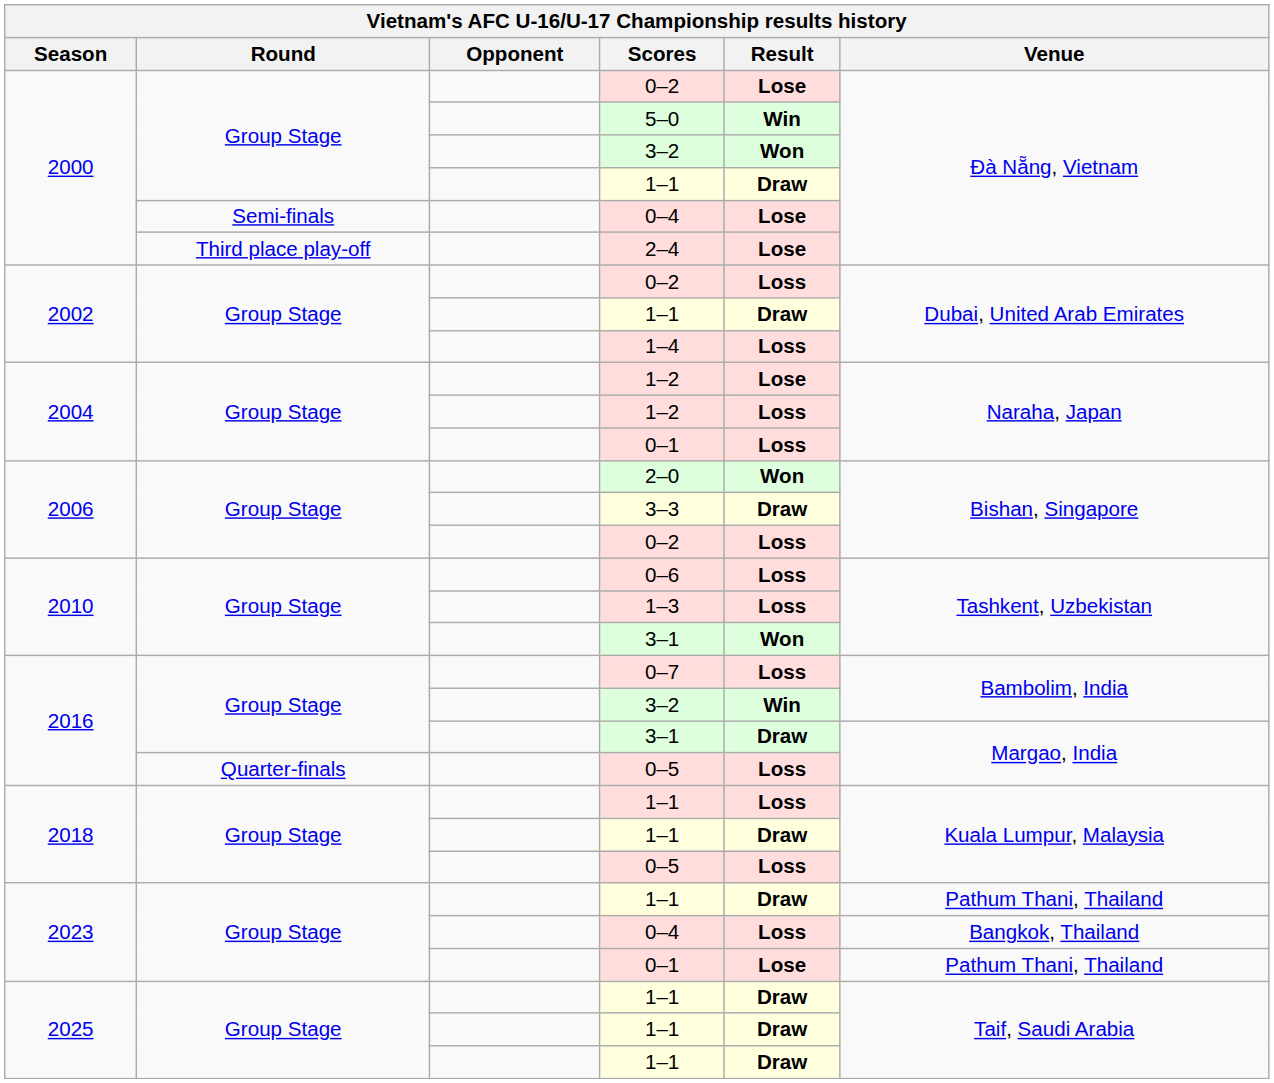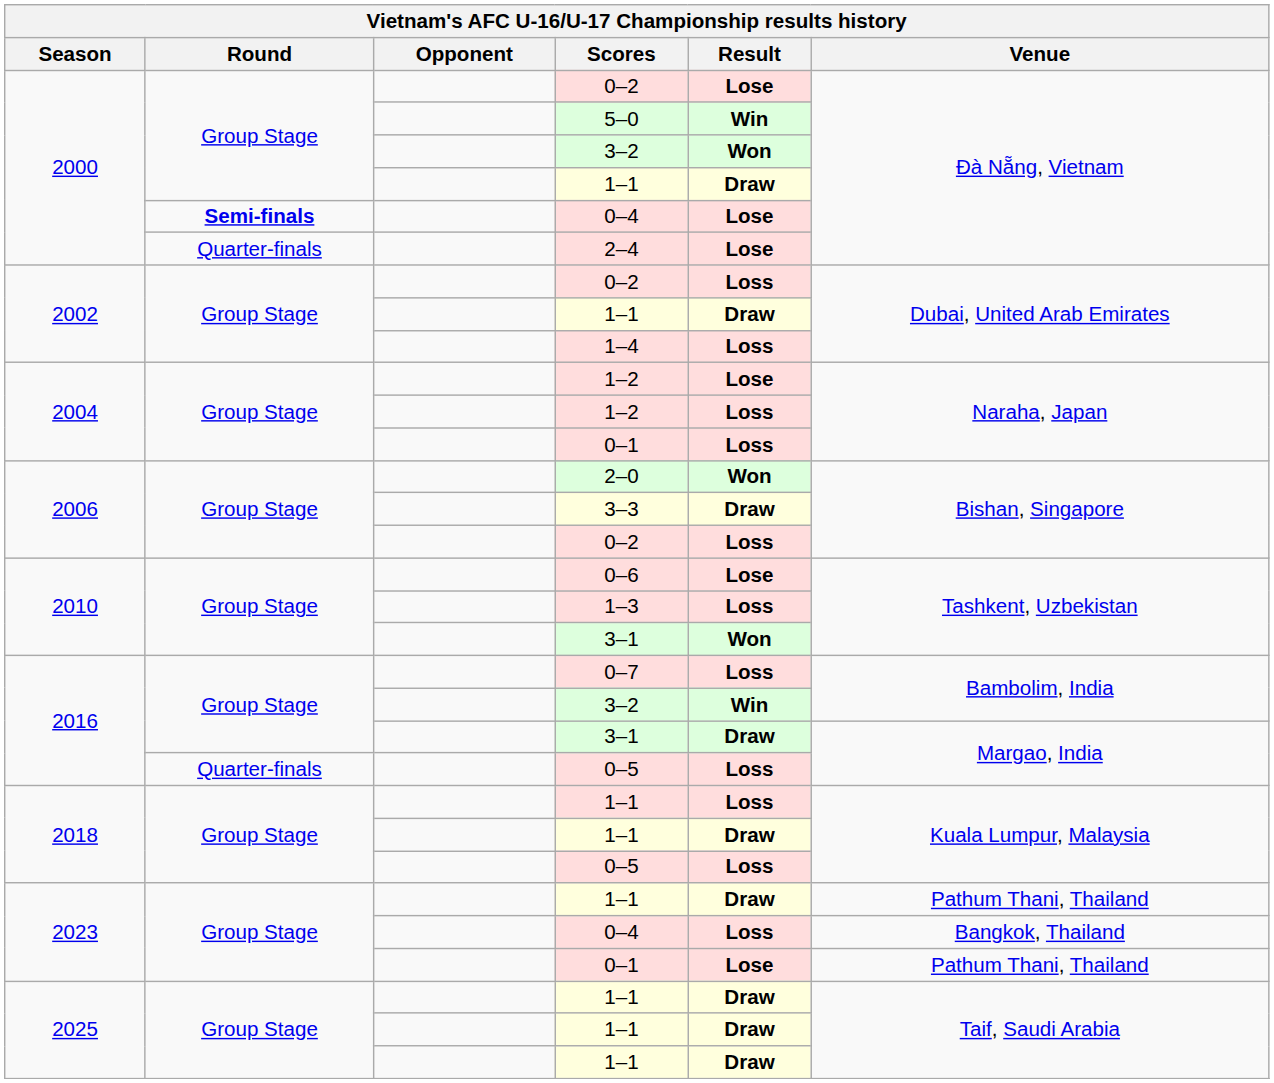 <table class="wikitable collapsible collapsed" style="text-align:center; font-size:90%; width:70%;">
 <tr>
 <th colspan="6">Vietnam's AFC U-16/U-17 Championship results history</th>
 </tr>
 <tr>
 <th>Season</th>
 <th>Round</th>
 <th>Opponent</th>
 <th>Scores</th>
 <th>Result</th>
 <th>Venue</th>
 </tr>
 <tr>
 <td rowspan=6><a href='#'>2000</a></td>
 <td rowspan=4><a href='#'>Group Stage</a></td>
 <td style="text-align:left"></td>
 <td style="background:#fdd;">0–2</td>
 <td style="background:#fdd;"><strong>Lose</strong></td>
 <td rowspan=6> <a href='#'>Đà Nẵng</a>, <a href='#'>Vietnam</a></td>
 </tr>
 <tr>
 <td style="text-align:left"></td>
 <td style="background:#dfd;">5–0</td>
 <td style="background:#dfd;"><strong>Win</strong></td>
 </tr>
 <tr>
 <td style="text-align:left"></td>
 <td style="background:#dfd;">3–2</td>
 <td style="background:#dfd;"><strong>Won</strong></td>
 </tr>
 <tr>
 <td style="text-align:left"></td>
 <td style="background:#ffd;">1–1</td>
 <td style="background:#ffd;"><strong>Draw</strong></td>
 </tr>
 <tr>
-<td><a href='#'>Semi-finals</a></td>
+<td><strong><a href='#'>Semi-finals</a></strong></td>
 <td style="text-align:left"></td>
 <td style="background:#fdd;">0–4</td>
 <td style="background:#fdd;"><strong>Lose</strong></td>
 </tr>
 <tr>
-<td><a href='#'>Third place play-off</a></td>
+<td><a href='#'>Quarter-finals</a></td>
 <td style="text-align:left"></td>
 <td style="background:#fdd;">2–4</td>
 <td style="background:#fdd;"><strong>Lose</strong></td>
 </tr>
 <tr>
 <td rowspan=3><a href='#'>2002</a></td>
 <td rowspan=3><a href='#'>Group Stage</a></td>
 <td style="text-align:left"></td>
 <td style="background:#fdd;">0–2</td>
 <td style="background:#fdd;"><strong>Loss</strong></td>
 <td rowspan=3> <a href='#'>Dubai</a>, <a href='#'>United Arab Emirates</a></td>
 </tr>
 <tr>
 <td style="text-align:left"></td>
 <td style="background:#ffd;">1–1</td>
 <td style="background:#ffd;"><strong>Draw</strong></td>
 </tr>
 <tr>
 <td style="text-align:left"></td>
 <td style="background:#fdd;">1–4</td>
 <td style="background:#fdd;"><strong>Loss</strong></td>
 </tr>
 <tr>
 <td rowspan=3><a href='#'>2004</a></td>
 <td rowspan=3><a href='#'>Group Stage</a></td>
 <td style="text-align:left"></td>
 <td style="background:#fdd;">1–2</td>
 <td style="background:#fdd;"><strong>Lose</strong></td>
 <td rowspan=3> <a href='#'>Naraha</a>, <a href='#'>Japan</a></td>
 </tr>
 <tr>
 <td style="text-align:left"></td>
 <td style="background:#fdd;">1–2</td>
 <td style="background:#fdd;"><strong>Loss</strong></td>
 </tr>
 <tr>
 <td style="text-align:left"></td>
 <td style="background:#fdd;">0–1</td>
 <td style="background:#fdd;"><strong>Loss</strong></td>
 </tr>
 <tr>
 <td rowspan=3><a href='#'>2006</a></td>
 <td rowspan=3><a href='#'>Group Stage</a></td>
 <td style="text-align:left"></td>
 <td style="background:#dfd;">2–0</td>
 <td style="background:#dfd;"><strong>Won</strong></td>
 <td rowspan=3> <a href='#'>Bishan</a>, <a href='#'>Singapore</a></td>
 </tr>
 <tr>
 <td style="text-align:left"></td>
 <td style="background:#ffd;">3–3</td>
 <td style="background:#ffd;"><strong>Draw</strong></td>
 </tr>
 <tr>
 <td style="text-align:left"></td>
 <td style="background:#fdd;">0–2</td>
 <td style="background:#fdd;"><strong>Loss</strong></td>
 </tr>
 <tr>
 <td rowspan=3><a href='#'>2010</a></td>
 <td rowspan=3><a href='#'>Group Stage</a></td>
 <td style="text-align:left"></td>
 <td style="background:#fdd;">0–6</td>
-<td style="background:#fdd;"><strong>Loss</strong></td>
+<td style="background:#fdd;"><strong>Lose</strong></td>
 <td rowspan=3> <a href='#'>Tashkent</a>, <a href='#'>Uzbekistan</a></td>
 </tr>
 <tr>
 <td style="text-align:left"></td>
 <td style="background:#fdd;">1–3</td>
 <td style="background:#fdd;"><strong>Loss</strong></td>
 </tr>
 <tr>
 <td style="text-align:left"></td>
 <td style="background:#dfd;">3–1</td>
 <td style="background:#dfd;"><strong>Won</strong></td>
 </tr>
 <tr>
 <td rowspan=4><a href='#'>2016</a></td>
 <td rowspan=3><a href='#'>Group Stage</a></td>
 <td style="text-align:left"></td>
 <td style="background:#fdd;">0–7</td>
 <td style="background:#fdd;"><strong>Loss</strong></td>
 <td rowspan=2> <a href='#'>Bambolim</a>, <a href='#'>India</a></td>
 </tr>
 <tr>
 <td style="text-align:left"></td>
 <td style="background:#dfd;">3–2</td>
 <td style="background:#dfd;"><strong>Win</strong></td>
 </tr>
 <tr>
 <td style="text-align:left"></td>
 <td style="background:#dfd;">3–1</td>
 <td style="background:#dfd;"><strong>Draw</strong></td>
 <td rowspan=2> <a href='#'>Margao</a>, <a href='#'>India</a></td>
 </tr>
 <tr>
 <td><a href='#'>Quarter-finals</a></td>
 <td style="text-align:left"></td>
 <td style="background:#fdd;">0–5</td>
 <td style="background:#fdd;"><strong>Loss</strong></td>
 </tr>
 <tr>
 <td rowspan=3><a href='#'>2018</a></td>
 <td rowspan=3><a href='#'>Group Stage</a></td>
 <td style="text-align:left"></td>
 <td style="background:#fdd;">1–1</td>
 <td style="background:#fdd;"><strong>Loss</strong></td>
 <td rowspan=3> <a href='#'>Kuala Lumpur</a>, <a href='#'>Malaysia</a></td>
 </tr>
 <tr>
 <td style="text-align:left"></td>
 <td style="background:#ffd;">1–1</td>
 <td style="background:#ffd;"><strong>Draw</strong></td>
 </tr>
 <tr>
 <td style="text-align:left"></td>
 <td style="background:#fdd;">0–5</td>
 <td style="background:#fdd;"><strong>Loss</strong></td>
 </tr>
 <tr>
 <td rowspan=3><a href='#'>2023</a></td>
 <td rowspan=3><a href='#'>Group Stage</a></td>
 <td style="text-align:left"></td>
 <td style="background:#ffd;">1–1</td>
 <td style="background:#ffd;"><strong>Draw</strong></td>
 <td> <a href='#'>Pathum Thani</a>, <a href='#'>Thailand</a></td>
 </tr>
 <tr>
 <td style="text-align:left"></td>
 <td style="background:#fdd;">0–4</td>
 <td style="background:#fdd;"><strong>Loss</strong></td>
 <td> <a href='#'>Bangkok</a>, <a href='#'>Thailand</a></td>
 </tr>
 <tr>
 <td style="text-align:left"></td>
 <td style="background:#fdd;">0–1</td>
 <td style="background:#fdd;"><strong>Lose</strong></td>
 <td> <a href='#'>Pathum Thani</a>, <a href='#'>Thailand</a></td>
 </tr>
 <tr>
 <td rowspan=3><a href='#'>2025</a></td>
 <td rowspan=3><a href='#'>Group Stage</a></td>
 <td style="text-align:left"></td>
 <td style="background:#ffd">1–1</td>
 <td style="background:#ffd"><strong>Draw</strong></td>
 <td rowspan="3"> <a href='#'>Taif</a>, <a href='#'>Saudi Arabia</a></td>
 </tr>
 <tr>
 <td style="text-align:left"></td>
 <td style="background:#ffd">1–1</td>
 <td style="background:#ffd"><strong>Draw</strong></td>
 </tr>
 <tr>
 <td style="text-align:left"></td>
 <td style="background:#ffd;”">1–1</td>
 <td style="background:#ffd;”"><strong>Draw</strong></td>
 </tr>
 <tr>
 </tr>
 </table>
